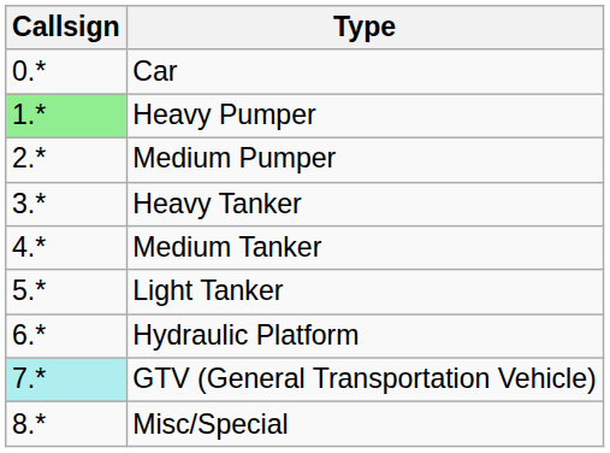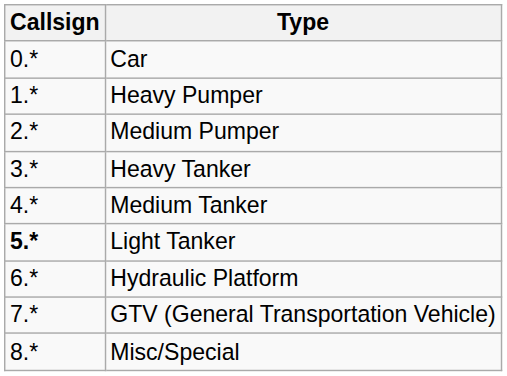 <table class="wikitable">
 <tr>
 <th>Callsign</th>
 <th>Type</th>
 </tr>
 <tr>
 <td>0.*</td>
 <td>Car</td>
 </tr>
 <tr>
-<td style="background: lightgreen;">1.*</td>
+<td>1.*</td>
 <td>Heavy Pumper</td>
 </tr>
 <tr>
 <td>2.*</td>
 <td>Medium Pumper</td>
 </tr>
 <tr>
 <td>3.*</td>
 <td>Heavy Tanker</td>
 </tr>
 <tr>
 <td>4.*</td>
 <td>Medium Tanker</td>
 </tr>
 <tr>
-<td>5.*</td>
+<td><strong>5.*</strong></td>
 <td>Light Tanker</td>
 </tr>
 <tr>
 <td>6.*</td>
 <td>Hydraulic Platform</td>
 </tr>
 <tr>
-<td style="background: paleturquoise;">7.*</td>
+<td>7.*</td>
 <td>GTV (General Transportation Vehicle)</td>
 </tr>
 <tr>
 <td>8.*</td>
 <td>Misc/Special</td>
 </tr>
 </table>
